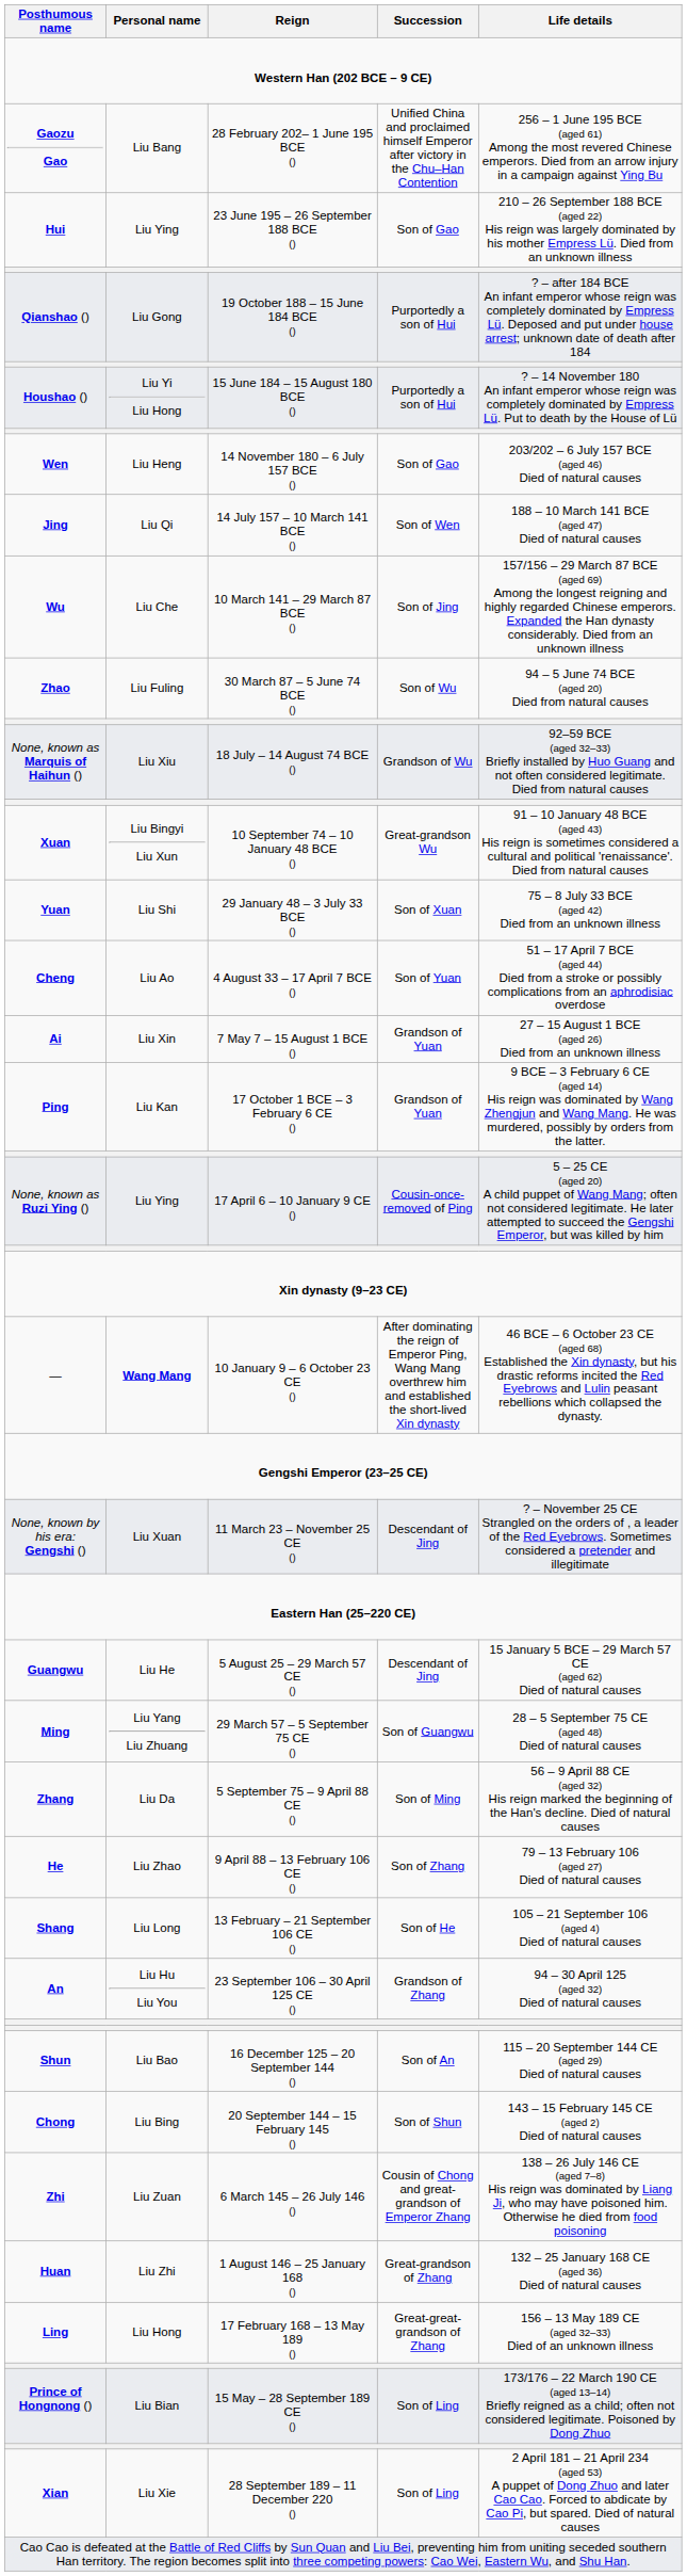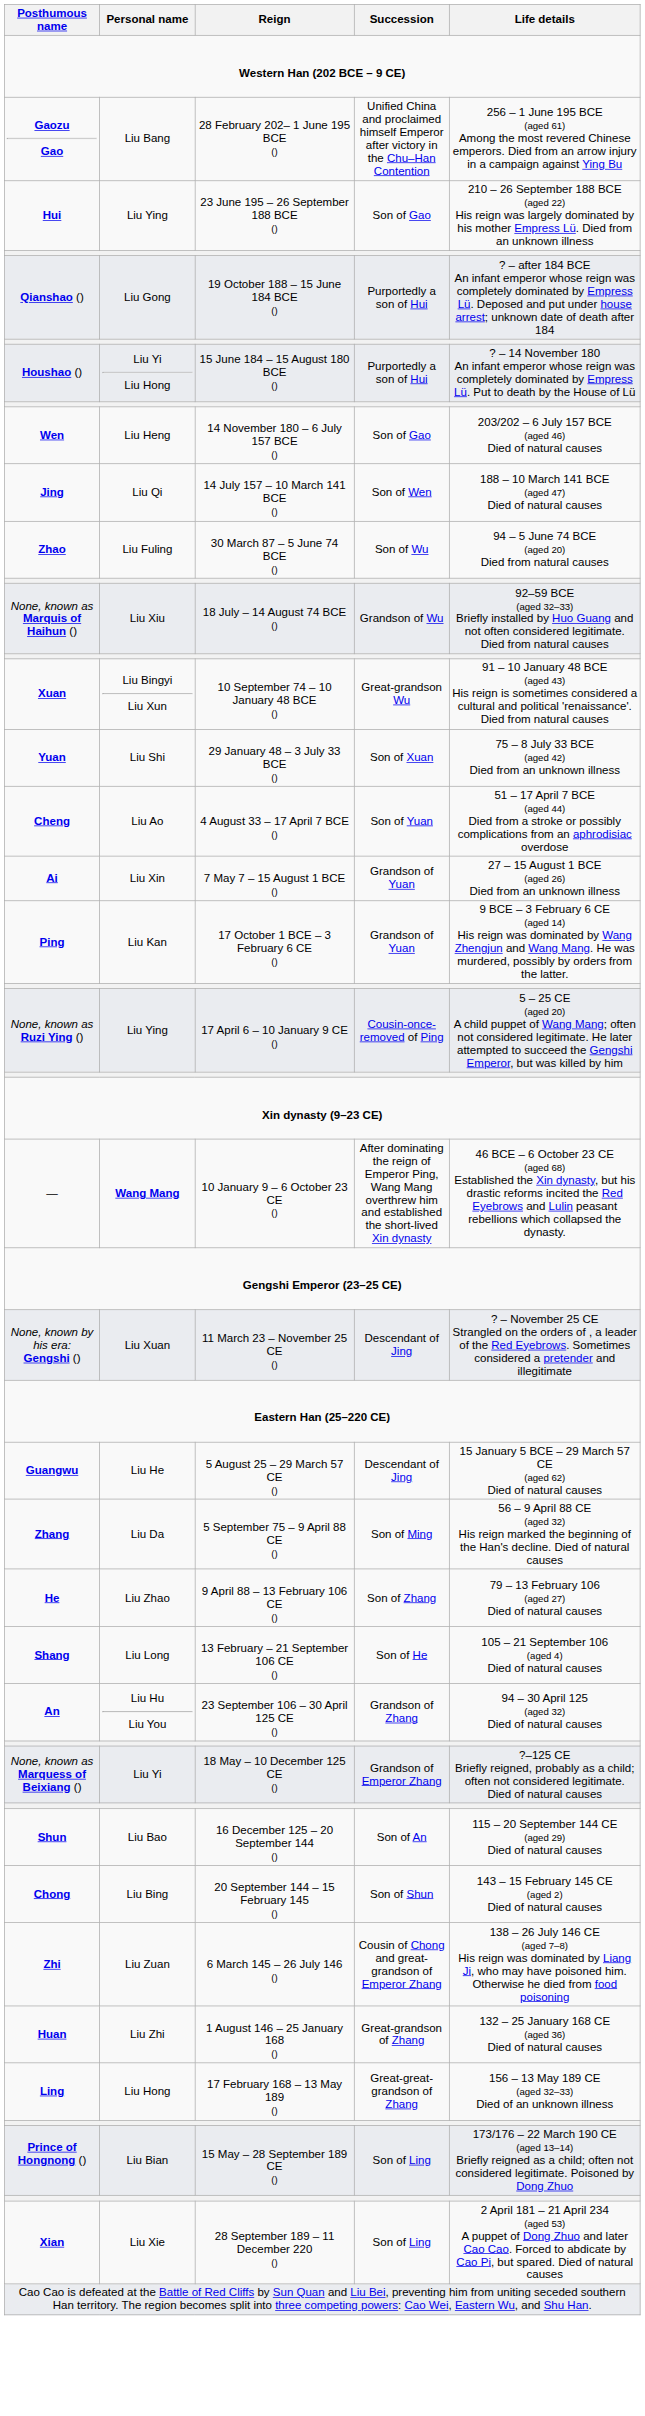 <table class="wikitable plainrowheaders" style="text-align:center; width:100%;">
 <tr>
 <th scope="col" width="15%"><a href='#'>Posthumous name</a></th>
 <th scope="col" width="15%">Personal name</th>
 <th scope="col" width="25%">Reign</th>
 <th scope="col" width="15%">Succession</th>
 <th scope="col" width="30%">Life details</th>
 </tr>
 <tr>
 <td colspan="5" data-sort-value="ZZZZ9999"><br><h4>Western Han (202 BCE – 9 CE)</h4></td>
 </tr>
 <tr>
 <td><strong><a href='#'>Gaozu</a></strong><br><hr><strong><a href='#'>Gao</a></strong><br></td>
 <td>Liu Bang<br></td>
 <td>28 February 202– 1 June 195 BCE<br><small>()</small></td>
 <td>Unified China and proclaimed himself Emperor after victory in the <a href='#'>Chu–Han Contention</a></td>
 <td>256 – 1 June 195 BCE<br><small>(aged 61)</small><br>Among the most revered Chinese emperors. Died from an arrow injury in a campaign against <a href='#'>Ying Bu</a></td>
 </tr>
 <tr>
 <td><strong><a href='#'>Hui</a></strong><br></td>
 <td>Liu Ying<br></td>
 <td>23 June 195 – 26 September 188 BCE<br><small>()</small></td>
 <td>Son of <a href='#'>Gao</a></td>
 <td>210 – 26 September 188 BCE<br><small>(aged 22)</small><br>His reign was largely dominated by his mother <a href='#'>Empress Lü</a>. Died from an unknown illness</td>
 </tr>
 <tr>
 <th colspan="5"></th>
 </tr>
 <tr style="background-color: #EAECF0">
 <td><strong><a href='#'>Qianshao</a></strong> ()<br></td>
 <td>Liu Gong<br></td>
 <td>19 October 188 – 15 June 184 BCE<br><small>()</small></td>
 <td>Purportedly a son of <a href='#'>Hui</a></td>
 <td>? – after 184 BCE<br>An infant emperor whose reign was completely dominated by <a href='#'>Empress Lü</a>. Deposed and put under <a href='#'>house arrest</a>; unknown date of death after 184</td>
 </tr>
 <tr style="background-color: #EAECF0">
 <th colspan="5"></th>
 </tr>
 <tr style="background-color: #EAECF0">
 <td><strong><a href='#'>Houshao</a></strong> ()<br></td>
 <td>Liu Yi<br><hr>Liu Hong<br></td>
 <td>15 June 184 – 15 August 180 BCE<br><small>()</small></td>
 <td>Purportedly a son of <a href='#'>Hui</a></td>
 <td>? – 14 November 180<br>An infant emperor whose reign was completely dominated by <a href='#'>Empress Lü</a>. Put to death by the House of Lü</td>
 </tr>
 <tr>
 <th colspan="5"></th>
 </tr>
 <tr>
 <td><strong><a href='#'>Wen</a></strong><br></td>
 <td>Liu Heng<br></td>
 <td><br>14 November 180 – 6 July 157 BCE<br><small>()</small><br><small></small></td>
 <td>Son of <a href='#'>Gao</a></td>
 <td>203/202 – 6 July 157 BCE<br><small>(aged 46)</small><br>Died of natural causes</td>
 </tr>
 <tr>
 <td><strong><a href='#'>Jing</a></strong><br></td>
 <td>Liu Qi<br></td>
 <td><br>14 July 157 – 10 March 141 BCE<br><small>()</small><br><small></small></td>
 <td>Son of <a href='#'>Wen</a></td>
 <td>188 – 10 March 141 BCE<br><small>(aged 47)</small><br>Died of natural causes</td>
-</tr>
-<tr>
-<td><strong><a href='#'>Wu</a></strong><br></td>
-<td>Liu Che<br></td>
-<td><br>10 March 141 – 29 March 87 BCE<br><small>()</small><br><small></small></td>
-<td>Son of <a href='#'>Jing</a></td>
-<td>157/156 – 29 March 87 BCE<br><small>(aged 69)</small><br>Among the longest reigning and highly regarded Chinese emperors. <a href='#'>Expanded</a> the Han dynasty considerably. Died from an unknown illness</td>
 </tr>
 <tr>
 <td><strong><a href='#'>Zhao</a></strong><br></td>
 <td>Liu Fuling<br></td>
 <td><br>30 March 87 – 5 June 74 BCE<br><small>()</small><br><small></small></td>
 <td>Son of <a href='#'>Wu</a></td>
 <td>94 – 5 June 74 BCE<br><small>(aged 20)</small><br>Died from natural causes</td>
 </tr>
 <tr>
 <th colspan="5"></th>
 </tr>
 <tr style="background-color: #EAECF0">
 <td><em>None, known as</em><br><strong><a href='#'>Marquis of Haihun</a></strong> ()<br></td>
 <td>Liu Xiu<br></td>
 <td>18 July – 14 August 74 BCE<br><small>()</small></td>
 <td>Grandson of <a href='#'>Wu</a></td>
 <td>92–59 BCE<br><small>(aged 32–33)</small><br>Briefly installed by <a href='#'>Huo Guang</a> and not often considered legitimate. Died from natural causes</td>
 </tr>
 <tr>
 <th colspan="5"></th>
 </tr>
 <tr>
 <td><strong><a href='#'>Xuan</a></strong><br></td>
 <td>Liu Bingyi<br><hr>Liu Xun<br></td>
 <td><br>10 September 74 – 10 January 48 BCE<br><small>()</small><br> <small></small></td>
 <td>Great-grandson <a href='#'>Wu</a></td>
 <td>91 – 10 January 48 BCE<br><small>(aged 43)</small><br>His reign is sometimes considered a cultural and political 'renaissance'. Died from natural causes</td>
 </tr>
 <tr>
 <td><strong><a href='#'>Yuan</a></strong><br></td>
 <td>Liu Shi<br></td>
 <td><br>29 January 48 – 3 July 33 BCE<br><small>()</small><br><small></small></td>
 <td>Son of <a href='#'>Xuan</a></td>
 <td>75 – 8 July 33 BCE<br><small>(aged 42)</small><br>Died from an unknown illness</td>
 </tr>
 <tr>
 <td><strong><a href='#'>Cheng</a></strong><br></td>
 <td>Liu Ao<br></td>
 <td><br>4 August 33 – 17 April 7 BCE<br><small>()</small><br><small></small></td>
 <td>Son of <a href='#'>Yuan</a></td>
 <td>51 – 17 April 7 BCE<br><small>(aged 44)</small><br>Died from a stroke or possibly complications from an <a href='#'>aphrodisiac</a> overdose</td>
 </tr>
 <tr>
 <td><strong><a href='#'>Ai</a></strong><br></td>
 <td>Liu Xin<br></td>
 <td><br>7 May 7 – 15 August 1 BCE<br><small>()</small><br><small></small></td>
 <td>Grandson of <a href='#'>Yuan</a></td>
 <td>27 – 15 August 1 BCE<br><small>(aged 26)</small><br>Died from an unknown illness</td>
 </tr>
 <tr>
 <td><strong><a href='#'>Ping</a></strong><br></td>
 <td>Liu Kan<br></td>
 <td><br>17 October 1 BCE – 3 February 6 CE<br><small>()</small><br><small></small></td>
 <td>Grandson of <a href='#'>Yuan</a></td>
 <td>9 BCE – 3 February 6 CE<br><small>(aged 14)</small><br>His reign was dominated by <a href='#'>Wang Zhengjun</a> and <a href='#'>Wang Mang</a>. He was murdered, possibly by orders from the latter.</td>
 </tr>
 <tr>
 <th colspan="5"></th>
 </tr>
 <tr style="background-color: #EAECF0">
 <td><em>None, known as</em><br><strong><a href='#'>Ruzi Ying</a></strong> ()<br></td>
 <td>Liu Ying<br></td>
 <td><br>17 April 6 – 10 January 9 CE<br><small>()</small><br><small></small></td>
 <td><a href='#'>Cousin-once-removed</a> of <a href='#'>Ping</a></td>
 <td>5 – 25 CE<br><small>(aged 20)</small><br>A child puppet of <a href='#'>Wang Mang</a>; often not considered legitimate. He later attempted to succeed the <a href='#'>Gengshi Emperor</a>, but was killed by him</td>
 </tr>
 <tr>
 <th colspan="5"></th>
 </tr>
 <tr>
 <td colspan="5" data-sort-value="ZZZZ9999"><br><h4>Xin dynasty (9–23 CE)</h4></td>
 </tr>
 <tr>
 <td>—</td>
 <td><strong><a href='#'>Wang Mang</a></strong><br></td>
 <td><br>10 January 9 – 6 October 23 CE<br><small>()</small><br><small></small></td>
 <td>After dominating the reign of Emperor Ping, Wang Mang overthrew him and established the short-lived <a href='#'>Xin dynasty</a></td>
 <td>46 BCE – 6 October 23 CE<br><small>(aged 68)</small><br>Established the <a href='#'>Xin dynasty</a>, but his drastic reforms incited the <a href='#'>Red Eyebrows</a> and <a href='#'>Lulin</a> peasant rebellions which collapsed the dynasty.</td>
 </tr>
 <tr>
 <td colspan="5" data-sort-value="ZZZZ9999"><br><h4>Gengshi Emperor (23–25 CE)</h4></td>
 </tr>
 <tr style="background-color: #EAECF0">
 <td><em>None, known by his era:</em><br><strong><a href='#'>Gengshi</a></strong> ()<br></td>
 <td>Liu Xuan<br></td>
 <td><br>11 March 23 – November 25 CE<br><small>()</small><br><small></small></td>
 <td>Descendant of <a href='#'>Jing</a></td>
 <td>? – November 25 CE<br>Strangled on the orders of , a leader of the <a href='#'>Red Eyebrows</a>. Sometimes considered a <a href='#'>pretender</a> and illegitimate</td>
 </tr>
 <tr>
 <td colspan="5" data-sort-value="ZZZZ9999"><br><h4>Eastern Han (25–220 CE)</h4></td>
 </tr>
 <tr>
 <td><strong><a href='#'>Guangwu</a></strong><br></td>
 <td>Liu He<br></td>
 <td><br>5 August 25 – 29 March 57 CE<br><small>()</small><br><small></small></td>
 <td>Descendant of <a href='#'>Jing</a></td>
 <td>15 January 5 BCE – 29 March 57 CE<br><small>(aged 62)</small><br>Died of natural causes</td>
 </tr>
 <tr>
-<td><strong><a href='#'>Ming</a></strong><br></td>
-<td>Liu Yang<br><hr>Liu Zhuang<br></td>
-<td><br>29 March 57 – 5 September 75 CE<br><small>()</small><br><small></small></td>
-<td>Son of <a href='#'>Guangwu</a></td>
-<td>28 – 5 September 75 CE<br><small>(aged 48)</small><br>Died of natural causes</td>
-</tr>
-<tr>
 <td><strong><a href='#'>Zhang</a></strong><br></td>
 <td>Liu Da<br></td>
 <td><br>5 September 75 – 9 April 88 CE<br><small>()</small><br><small></small></td>
 <td>Son of <a href='#'>Ming</a></td>
 <td>56 – 9 April 88 CE<br><small>(aged 32)</small><br>His reign marked the beginning of the Han's decline. Died of natural causes</td>
 </tr>
 <tr>
 <td><strong><a href='#'>He</a></strong><br></td>
 <td>Liu Zhao<br></td>
 <td><br>9 April 88 – 13 February 106 CE<br><small>()</small><br><small></small></td>
 <td>Son of <a href='#'>Zhang</a></td>
 <td>79 – 13 February 106<br><small>(aged 27)</small><br>Died of natural causes</td>
 </tr>
 <tr>
 <td><strong><a href='#'>Shang</a></strong><br></td>
 <td>Liu Long<br></td>
 <td><br>13 February – 21 September 106 CE<br><small>()</small><br><small></small></td>
 <td>Son of <a href='#'>He</a></td>
 <td>105 – 21 September 106<br><small>(aged 4)</small><br>Died of natural causes</td>
 </tr>
 <tr>
 <td><strong><a href='#'>An</a></strong><br></td>
 <td>Liu Hu<br><hr>Liu You<br></td>
 <td><br>23 September 106 – 30 April 125 CE<br><small>()</small><br><small></small></td>
 <td>Grandson of <a href='#'>Zhang</a></td>
 <td>94 – 30 April 125<br><small>(aged 32)</small><br>Died of natural causes</td>
 </tr>
 <tr>
 <th colspan="5"></th>
+</tr>
+<tr style="background-color: #EAECF0">
+<td><em>None, known as</em><br><strong><a href='#'>Marquess of Beixiang</a></strong> ()<br></td>
+<td>Liu Yi<br></td>
+<td>18 May – 10 December 125 CE<br><small>()</small></td>
+<td>Grandson of <a href='#'>Emperor Zhang</a></td>
+<td>?–125 CE<br>Briefly reigned, probably as a child; often not considered legitimate. Died of natural causes</td>
 </tr>
 <tr>
 <th colspan="5"></th>
 </tr>
 <tr>
 <td><strong><a href='#'>Shun</a></strong><br></td>
 <td>Liu Bao<br></td>
 <td><br>16 December 125 – 20 September 144<br><small>()</small><br><small></small></td>
 <td>Son of <a href='#'>An</a></td>
 <td>115 – 20 September 144 CE<br><small>(aged 29)</small><br>Died of natural causes</td>
 </tr>
 <tr>
 <td><strong><a href='#'>Chong</a></strong><br></td>
 <td>Liu Bing<br></td>
 <td><br>20 September 144 – 15 February 145<br><small>()</small><br><small></small></td>
 <td>Son of <a href='#'>Shun</a></td>
 <td>143 – 15 February 145 CE<br><small>(aged 2)</small><br>Died of natural causes</td>
 </tr>
 <tr>
 <td><strong><a href='#'>Zhi</a></strong><br></td>
 <td>Liu Zuan<br></td>
 <td><br>6 March 145 – 26 July 146<br><small>()</small><br><small></small></td>
 <td>Cousin of <a href='#'>Chong</a> and great-grandson of <a href='#'>Emperor Zhang</a></td>
 <td>138 – 26 July 146 CE<br><small>(aged 7–8)</small><br>His reign was dominated by <a href='#'>Liang Ji</a>, who may have poisoned him. Otherwise he died from <a href='#'>food poisoning</a></td>
 </tr>
 <tr>
 <td><strong><a href='#'>Huan</a></strong><br></td>
 <td>Liu Zhi<br></td>
 <td><br>1 August 146 – 25 January 168<br><small>()</small><br><small></small></td>
 <td>Great-grandson of <a href='#'>Zhang</a></td>
 <td>132 – 25 January 168 CE<br><small>(aged 36)</small><br>Died of natural causes</td>
 </tr>
 <tr>
 <td><strong><a href='#'>Ling</a></strong><br></td>
 <td>Liu Hong<br></td>
 <td><br>17 February 168 – 13 May 189<br><small>()</small><br><small></small></td>
 <td>Great-great-grandson of <a href='#'>Zhang</a></td>
 <td>156 – 13 May 189 CE<br><small>(aged 32–33)</small><br>Died of an unknown illness</td>
 </tr>
 <tr>
 <th colspan="5"></th>
 </tr>
 <tr style="background-color: #EAECF0">
 <td><strong><a href='#'>Prince of Hongnong</a></strong> ()<br>  </td>
 <td>Liu Bian<br></td>
 <td><br>15 May – 28 September 189 CE<br><small>()</small><br><small></small></td>
 <td>Son of <a href='#'>Ling</a></td>
 <td>173/176 – 22 March 190 CE<br><small>(aged 13–14)</small><br>Briefly reigned as a child; often not considered legitimate. Poisoned by <a href='#'>Dong Zhuo</a></td>
 </tr>
 <tr>
 <th colspan="5"></th>
 </tr>
 <tr>
 <td><strong><a href='#'>Xian</a></strong><br></td>
 <td>Liu Xie<br></td>
 <td><br>28 September 189 – 11 December 220<br><small>()</small><br><small></small></td>
 <td>Son of <a href='#'>Ling</a></td>
 <td>2 April 181 – 21 April 234<br><small>(aged 53)</small><br>A puppet of <a href='#'>Dong Zhuo</a> and later <a href='#'>Cao Cao</a>. Forced to abdicate by <a href='#'>Cao Pi</a>, but spared. Died of natural causes</td>
 </tr>
 <tr>
 <td colspan="5" style="background-color: #EAECF0">Cao Cao is defeated at the <a href='#'>Battle of Red Cliffs</a> by <a href='#'>Sun Quan</a> and <a href='#'>Liu Bei</a>, preventing him from uniting seceded southern Han territory. The region becomes split into <a href='#'>three competing powers</a>: <a href='#'>Cao Wei</a>, <a href='#'>Eastern Wu</a>, and <a href='#'>Shu Han</a>.</td>
 </tr>
 </table>
